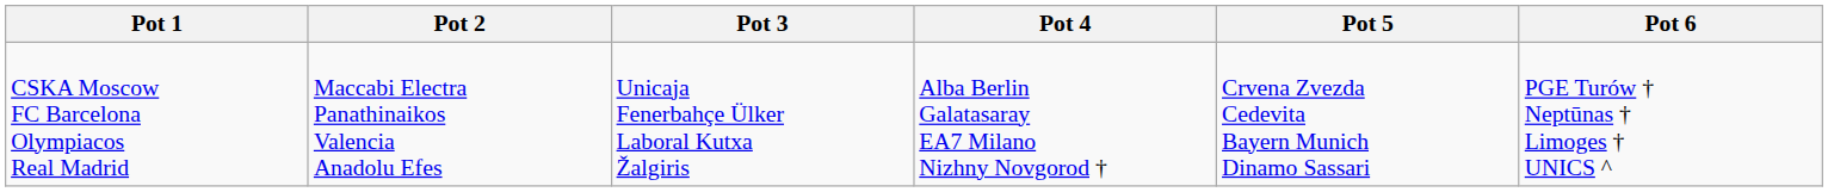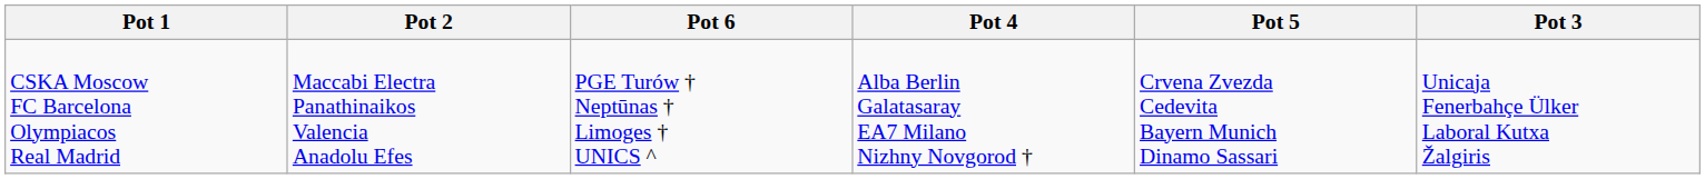 <table class="wikitable" style="width:98%">
 <tr>
 <th width=16%><strong>Pot 1</strong></th>
 <th width=16%><strong>Pot 2</strong></th>
-<th width=16%><strong>Pot 3</strong></th>
+<th width=16%><strong>Pot 6</strong></th>
 <th width=16%><strong>Pot 4</strong></th>
 <th width=16%><strong>Pot 5</strong></th>
-<th width=16%><strong>Pot 6</strong></th>
+<th width=16%><strong>Pot 3</strong></th>
 </tr>
 <tr>
 <td><br> <a href='#'>CSKA Moscow</a> <br>  <a href='#'>FC Barcelona</a> <br>  <a href='#'>Olympiacos</a> <br>  <a href='#'>Real Madrid</a> <br></td>
 <td><br> <a href='#'>Maccabi Electra</a> <br>   <a href='#'>Panathinaikos</a> <br>  <a href='#'>Valencia</a> <br>  <a href='#'>Anadolu Efes</a> <br></td>
-<td><br> <a href='#'>Unicaja</a> <br>  <a href='#'>Fenerbahçe Ülker</a> <br>  <a href='#'>Laboral Kutxa</a> <br>  <a href='#'>Žalgiris</a> <br></td>
+<td><br> <a href='#'>PGE Turów</a> †<br>  <a href='#'>Neptūnas</a> †<br>  <a href='#'>Limoges</a> †<br>  <a href='#'>UNICS</a> ^<br></td>
 <td><br> <a href='#'>Alba Berlin</a> <br>  <a href='#'>Galatasaray</a> <br>  <a href='#'>EA7 Milano</a> <br>  <a href='#'>Nizhny Novgorod</a> †<br></td>
 <td><br> <a href='#'>Crvena Zvezda</a> <br>  <a href='#'>Cedevita</a> <br>  <a href='#'>Bayern Munich</a> <br>  <a href='#'>Dinamo Sassari</a> <br></td>
-<td><br> <a href='#'>PGE Turów</a> †<br>  <a href='#'>Neptūnas</a> †<br>  <a href='#'>Limoges</a> †<br>  <a href='#'>UNICS</a> ^<br></td>
+<td><br> <a href='#'>Unicaja</a> <br>  <a href='#'>Fenerbahçe Ülker</a> <br>  <a href='#'>Laboral Kutxa</a> <br>  <a href='#'>Žalgiris</a> <br></td>
 </tr>
 </table>
